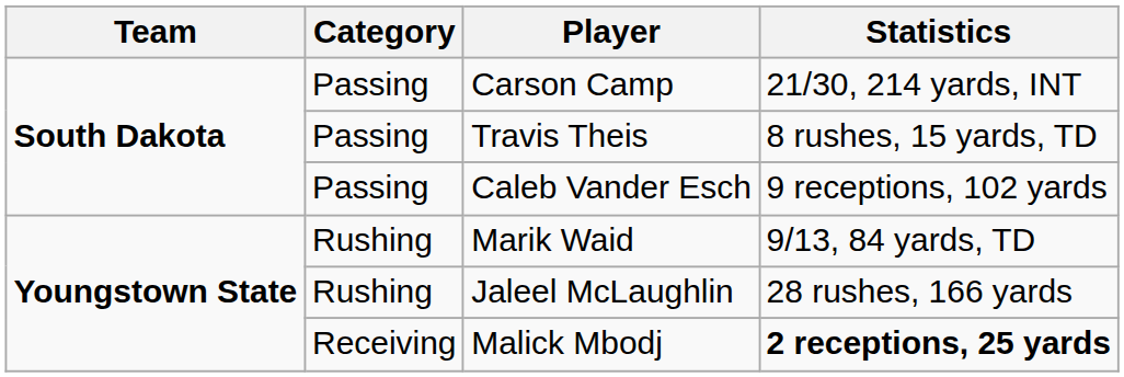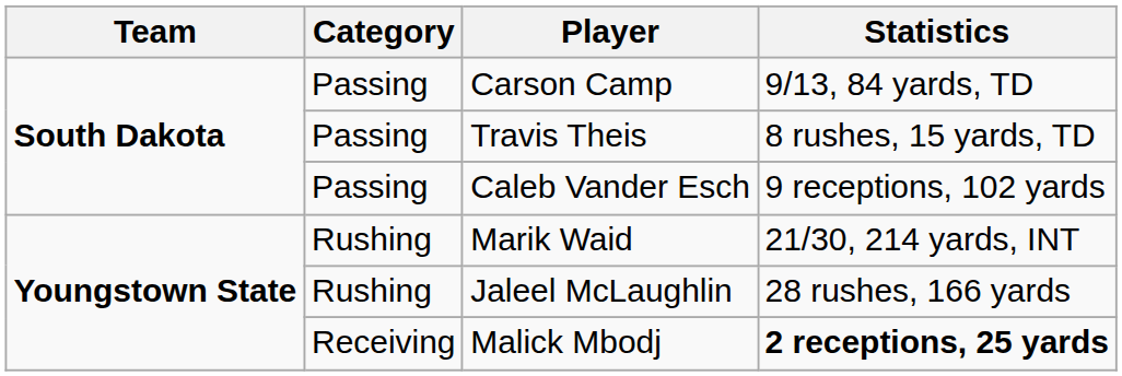 <table class="wikitable" style="float: right;">
 <tr>
 <th>Team</th>
 <th>Category</th>
 <th>Player</th>
 <th>Statistics</th>
 </tr>
 <tr>
 <td rowspan=3><strong>South Dakota</strong></td>
 <td>Passing</td>
 <td>Carson Camp</td>
-<td>21/30, 214 yards, INT</td>
+<td>9/13, 84 yards, TD</td>
 </tr>
 <tr>
 <td>Passing</td>
 <td>Travis Theis</td>
 <td>8 rushes, 15 yards, TD</td>
 </tr>
 <tr>
 <td>Passing</td>
 <td>Caleb Vander Esch</td>
 <td>9 receptions, 102 yards</td>
 </tr>
 <tr>
 <td rowspan=3><strong>Youngstown State</strong></td>
 <td>Rushing</td>
 <td>Marik Waid</td>
-<td>9/13, 84 yards, TD</td>
+<td>21/30, 214 yards, INT</td>
 </tr>
 <tr>
 <td>Rushing</td>
 <td>Jaleel McLaughlin</td>
 <td>28 rushes, 166 yards</td>
 </tr>
 <tr>
 <td>Receiving</td>
 <td>Malick Mbodj</td>
 <td><strong>2 receptions, 25 yards</strong></td>
 </tr>
 </table>
